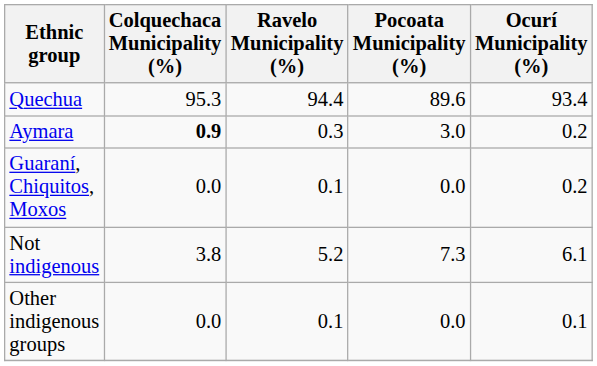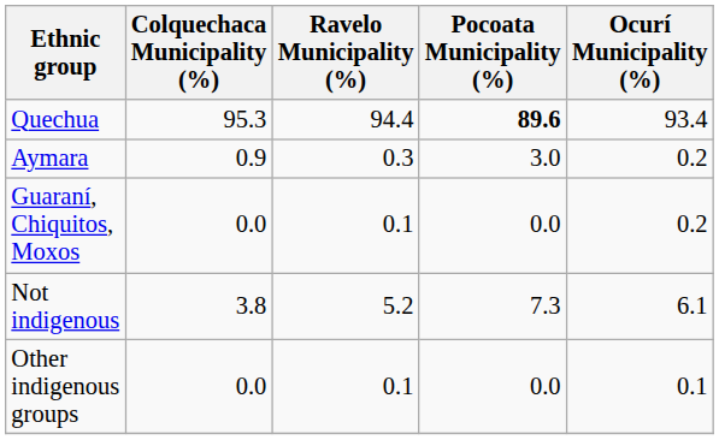 <table class="wikitable" border="1" style="width:40%;" border="1">
 <tr bgcolor=#EFEFEF>
 <th><strong>Ethnic group</strong></th>
 <th><strong>Colquechaca Municipality (%)</strong></th>
 <th><strong>Ravelo Municipality (%)</strong></th>
 <th><strong>Pocoata Municipality (%)</strong></th>
 <th><strong>Ocurí Municipality (%)</strong></th>
 </tr>
 <tr>
 <td><a href='#'>Quechua</a></td>
 <td align="right">95.3</td>
 <td align="right">94.4</td>
-<td align="right">89.6</td>
+<td align="right"><strong>89.6</strong></td>
 <td align="right">93.4</td>
 </tr>
 <tr>
 <td><a href='#'>Aymara</a></td>
-<td align="right"><strong>0.9</strong></td>
+<td align="right">0.9</td>
 <td align="right">0.3</td>
 <td align="right">3.0</td>
 <td align="right">0.2</td>
 </tr>
 <tr>
 <td><a href='#'>Guaraní</a>, <a href='#'>Chiquitos</a>, <a href='#'>Moxos</a></td>
 <td align="right">0.0</td>
 <td align="right">0.1</td>
 <td align="right">0.0</td>
 <td align="right">0.2</td>
 </tr>
 <tr>
 <td>Not <a href='#'>indigenous</a></td>
 <td align="right">3.8</td>
 <td align="right">5.2</td>
 <td align="right">7.3</td>
 <td align="right">6.1</td>
 </tr>
 <tr>
 <td>Other indigenous groups</td>
 <td align="right">0.0</td>
 <td align="right">0.1</td>
 <td align="right">0.0</td>
 <td align="right">0.1</td>
 </tr>
 <tr>
 </tr>
 </table>
